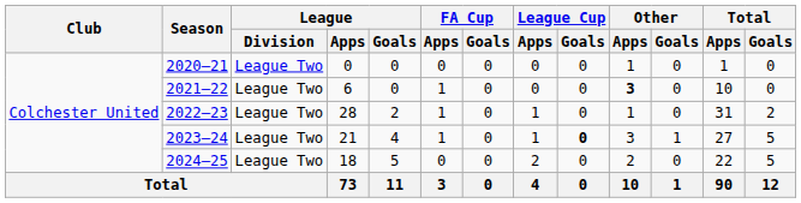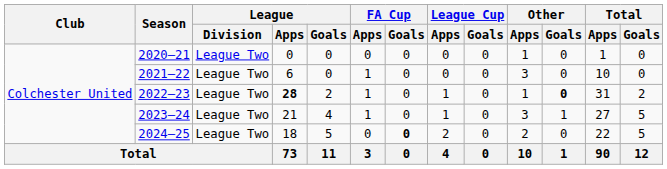 <table class=wikitable style=text-align:center>
 <tr>
 <th rowspan=2>Club</th>
 <th rowspan=2>Season</th>
 <th colspan=3>League</th>
 <th colspan=2><a href='#'>FA Cup</a></th>
 <th colspan=2><a href='#'>League Cup</a></th>
 <th colspan=2>Other</th>
 <th colspan=2>Total</th>
 </tr>
 <tr>
 <th>Division</th>
 <th>Apps</th>
 <th>Goals</th>
 <th>Apps</th>
 <th>Goals</th>
 <th>Apps</th>
 <th>Goals</th>
 <th>Apps</th>
 <th>Goals</th>
 <th>Apps</th>
 <th>Goals</th>
 </tr>
 <tr>
 <td rowspan="5"><a href='#'>Colchester United</a></td>
 <td><a href='#'>2020–21</a></td>
 <td><a href='#'>League Two</a></td>
 <td>0</td>
 <td>0</td>
 <td>0</td>
 <td>0</td>
 <td>0</td>
 <td>0</td>
 <td>1</td>
 <td>0</td>
 <td>1</td>
 <td>0</td>
 </tr>
 <tr>
 <td><a href='#'>2021–22</a></td>
 <td>League Two</td>
 <td>6</td>
 <td>0</td>
 <td>1</td>
 <td>0</td>
 <td>0</td>
 <td>0</td>
-<td><strong>3</strong></td>
+<td>3</td>
 <td>0</td>
 <td>10</td>
 <td>0</td>
 </tr>
 <tr>
 <td><a href='#'>2022–23</a></td>
 <td>League Two</td>
-<td>28</td>
+<td><strong>28</strong></td>
 <td>2</td>
 <td>1</td>
 <td>0</td>
 <td>1</td>
 <td>0</td>
 <td>1</td>
-<td>0</td>
+<td><strong>0</strong></td>
 <td>31</td>
 <td>2</td>
 </tr>
 <tr>
 <td><a href='#'>2023–24</a></td>
 <td>League Two</td>
 <td>21</td>
 <td>4</td>
 <td>1</td>
 <td>0</td>
 <td>1</td>
-<td><strong>0</strong></td>
+<td>0</td>
 <td>3</td>
 <td>1</td>
 <td>27</td>
 <td>5</td>
 </tr>
 <tr>
 <td><a href='#'>2024–25</a></td>
 <td>League Two</td>
 <td>18</td>
 <td>5</td>
 <td>0</td>
-<td>0</td>
+<td><strong>0</strong></td>
 <td>2</td>
 <td>0</td>
 <td>2</td>
 <td>0</td>
 <td>22</td>
 <td>5</td>
 </tr>
 <tr>
 <th colspan="3">Total</th>
 <th>73</th>
 <th>11</th>
 <th>3</th>
 <th>0</th>
 <th>4</th>
 <th>0</th>
 <th>10</th>
 <th>1</th>
 <th>90</th>
 <th>12</th>
 </tr>
 </table>
